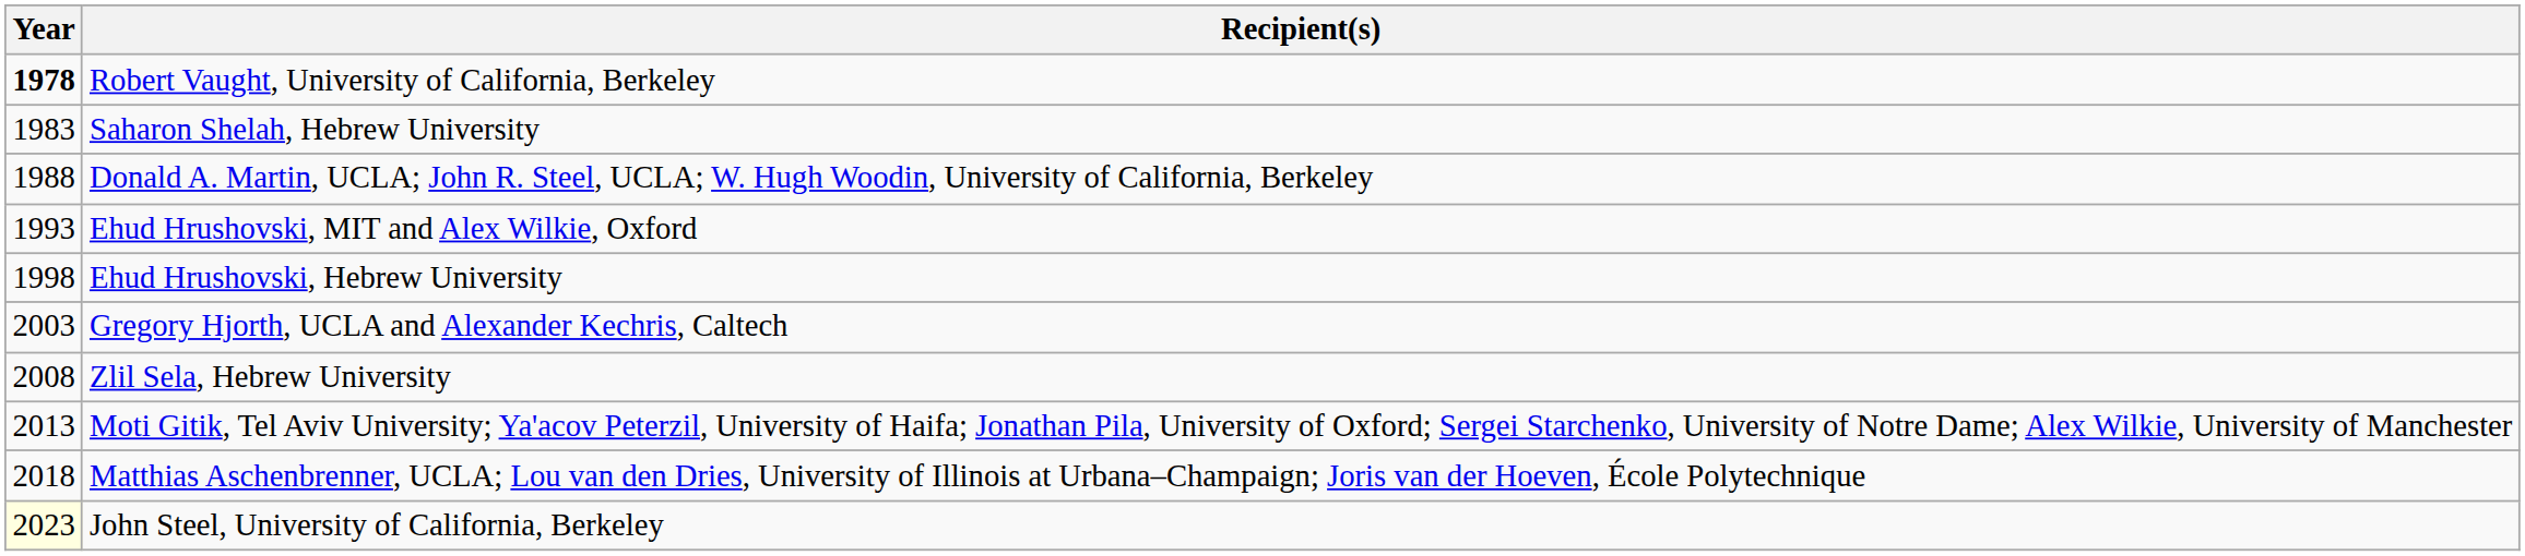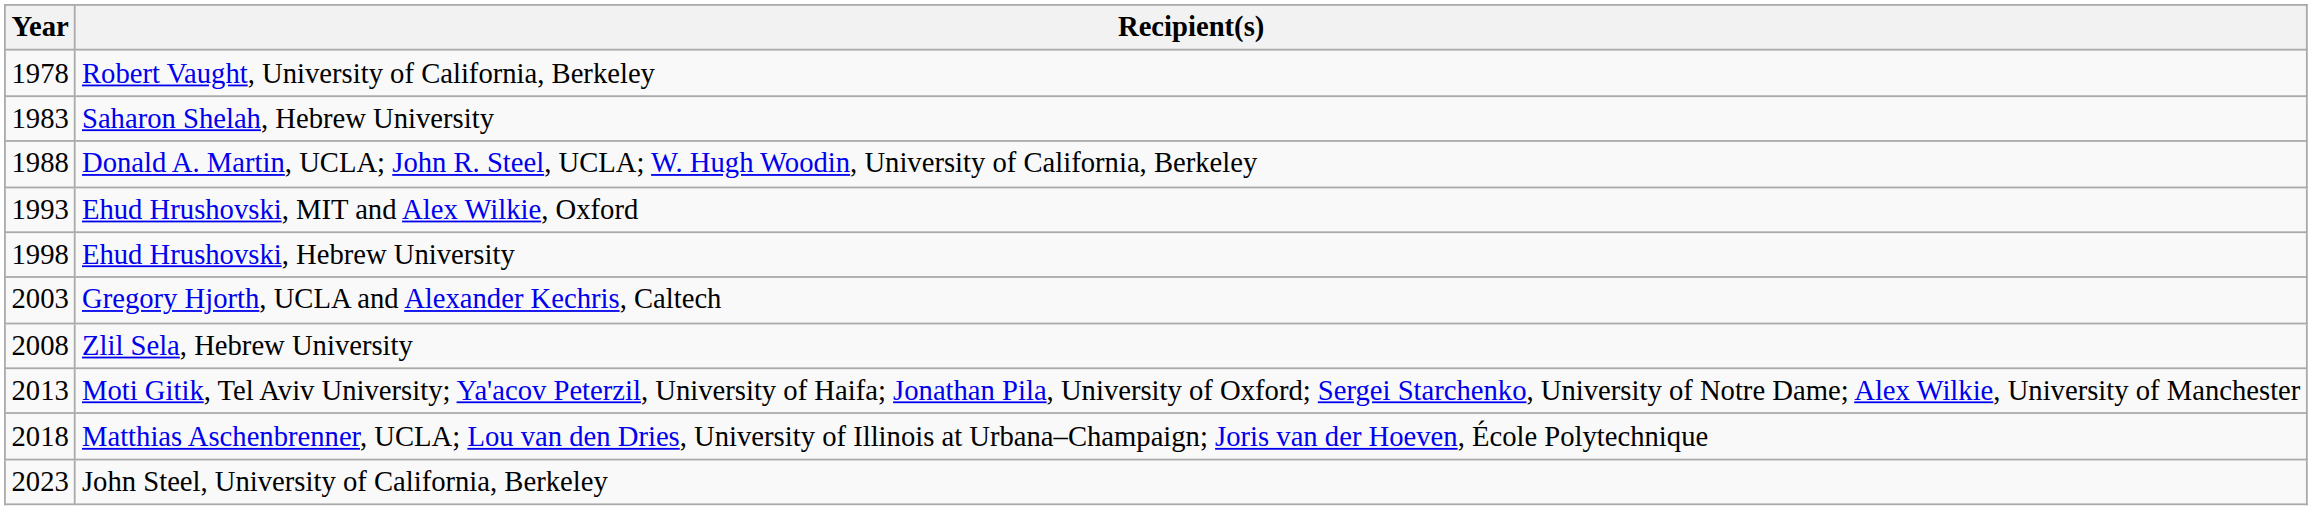 <table class="wikitable">
 <tr>
 <th>Year</th>
 <th>Recipient(s)</th>
 </tr>
 <tr>
-<td><strong>1978</strong></td>
+<td>1978</td>
 <td><a href='#'>Robert Vaught</a>, University of California, Berkeley</td>
 </tr>
 <tr>
 <td>1983</td>
 <td><a href='#'>Saharon Shelah</a>, Hebrew University</td>
 </tr>
 <tr>
 <td>1988</td>
 <td><a href='#'>Donald A. Martin</a>, UCLA; <a href='#'>John R. Steel</a>, UCLA; <a href='#'>W. Hugh Woodin</a>, University of California, Berkeley</td>
 </tr>
 <tr>
 <td>1993</td>
 <td><a href='#'>Ehud Hrushovski</a>, MIT and <a href='#'>Alex Wilkie</a>, Oxford</td>
 </tr>
 <tr>
 <td>1998</td>
 <td><a href='#'>Ehud Hrushovski</a>, Hebrew University</td>
 </tr>
 <tr>
 <td>2003</td>
 <td><a href='#'>Gregory Hjorth</a>, UCLA and <a href='#'>Alexander Kechris</a>, Caltech</td>
 </tr>
 <tr>
 <td>2008</td>
 <td><a href='#'>Zlil Sela</a>, Hebrew University</td>
 </tr>
 <tr>
 <td>2013</td>
 <td><a href='#'>Moti Gitik</a>, Tel Aviv University; <a href='#'>Ya'acov Peterzil</a>, University of Haifa; <a href='#'>Jonathan Pila</a>, University of Oxford; <a href='#'>Sergei Starchenko</a>, University of Notre Dame;  <a href='#'>Alex Wilkie</a>, University of Manchester</td>
 </tr>
 <tr>
 <td>2018</td>
 <td><a href='#'>Matthias Aschenbrenner</a>, UCLA; <a href='#'>Lou van den Dries</a>, University of Illinois at Urbana–Champaign; <a href='#'>Joris van der Hoeven</a>, École Polytechnique</td>
 </tr>
 <tr>
-<td style="background: lightyellow;">2023</td>
+<td>2023</td>
 <td>John Steel, University of California, Berkeley</td>
 </tr>
 </table>
